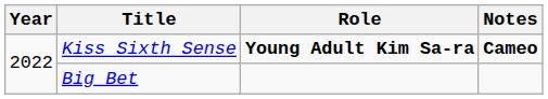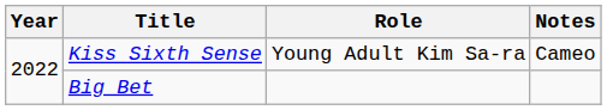 <table class="wikitable sortable">
 <tr>
 <th>Year</th>
 <th>Title</th>
 <th>Role</th>
 <th class="unsortable">Notes</th>
 </tr>
 <tr>
 <td rowspan=2>2022</td>
 <td><em><a href='#'>Kiss Sixth Sense</a></em></td>
-<td><strong>Young Adult Kim Sa-ra</strong></td>
-<td><strong>Cameo</strong></td>
+<td>Young Adult Kim Sa-ra</td>
+<td>Cameo</td>
 </tr>
 <tr>
 <td><em><a href='#'>Big Bet</a></em></td>
 <td></td>
 <td></td>
 </tr>
 </table>
